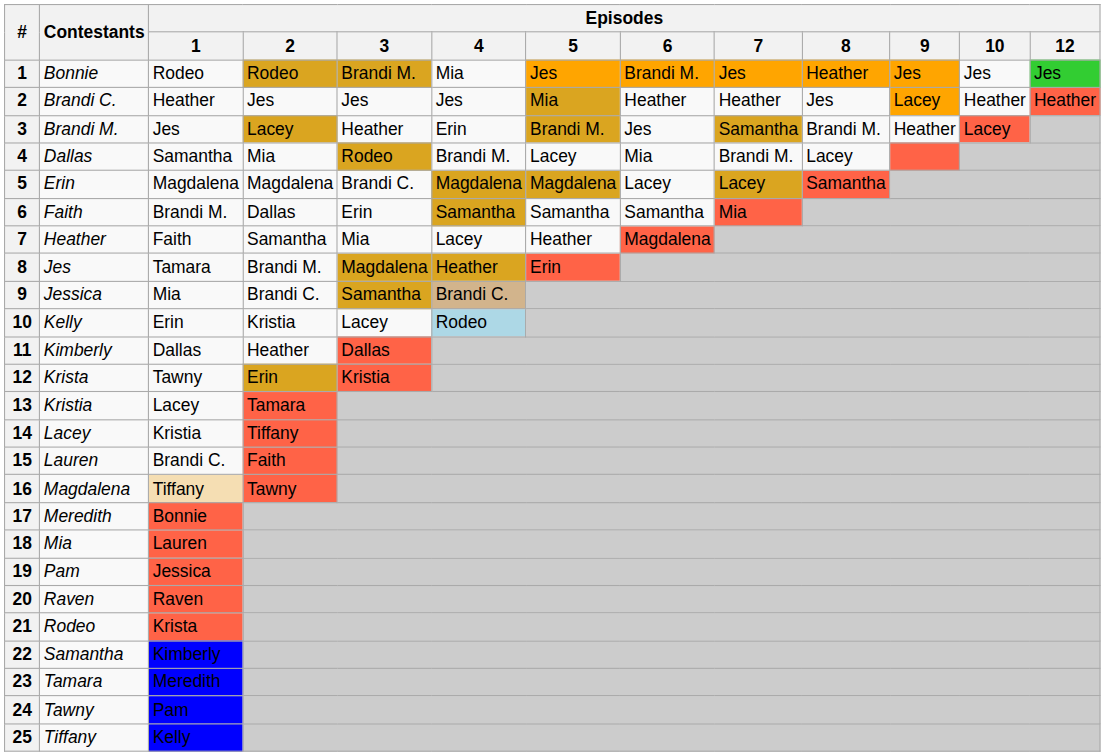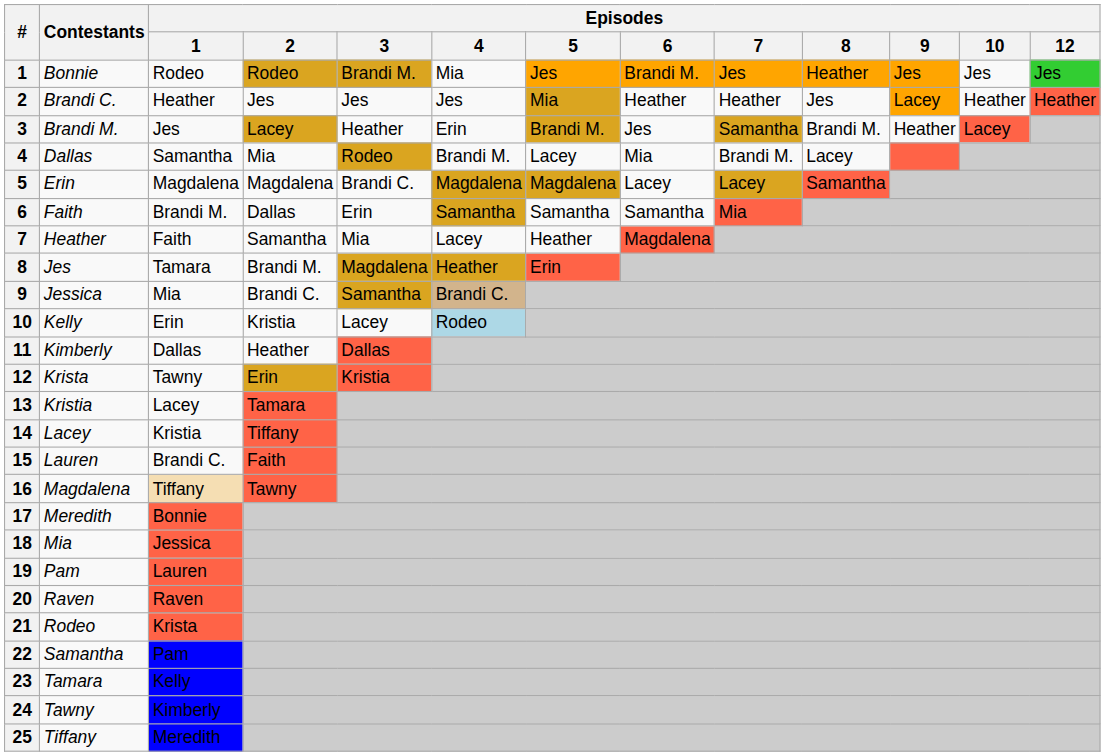 <table class="wikitable">
 <tr>
 <th width="25" rowspan=2>#</th>
 <th rowspan=2>Contestants</th>
 <th colspan=12>Episodes</th>
 </tr>
 <tr>
 <th>1</th>
 <th>2</th>
 <th>3</th>
 <th>4</th>
 <th>5</th>
 <th>6</th>
 <th>7</th>
 <th>8</th>
 <th>9</th>
 <th>10</th>
 <th>12</th>
 </tr>
 <tr>
 <th>1</th>
 <td><em>Bonnie</em></td>
 <td>Rodeo</td>
 <td bgcolor="goldenrod">Rodeo</td>
 <td bgcolor="goldenrod">Brandi M.</td>
 <td>Mia</td>
 <td bgcolor="orange">Jes</td>
 <td bgcolor="orange">Brandi M.</td>
 <td bgcolor="orange">Jes</td>
 <td bgcolor="orange">Heather</td>
 <td bgcolor="orange">Jes</td>
 <td>Jes</td>
 <td bgcolor="limegreen">Jes</td>
 </tr>
 <tr>
 <th>2</th>
 <td><em>Brandi C.</em></td>
 <td>Heather</td>
 <td>Jes</td>
 <td>Jes</td>
 <td>Jes</td>
 <td bgcolor="goldenrod">Mia</td>
 <td>Heather</td>
 <td>Heather</td>
 <td>Jes</td>
 <td bgcolor="orange">Lacey</td>
 <td>Heather</td>
 <td bgcolor="tomato">Heather</td>
 </tr>
 <tr>
 <th>3</th>
 <td><em>Brandi M.</em></td>
 <td>Jes</td>
 <td bgcolor="goldenrod">Lacey</td>
 <td>Heather</td>
 <td>Erin</td>
 <td bgcolor="goldenrod">Brandi M.</td>
 <td>Jes</td>
 <td bgcolor="goldenrod">Samantha</td>
 <td>Brandi M.</td>
 <td>Heather</td>
 <td bgcolor="tomato">Lacey</td>
 <td bgcolor="#CCCCCC"></td>
 </tr>
 <tr>
 <th>4</th>
 <td><em>Dallas</em></td>
 <td>Samantha</td>
 <td>Mia</td>
 <td bgcolor="goldenrod">Rodeo</td>
 <td>Brandi M.</td>
 <td>Lacey</td>
 <td>Mia</td>
 <td>Brandi M.</td>
 <td>Lacey</td>
 <td bgcolor="tomato"></td>
 <td bgcolor="#CCCCCC" colspan=2></td>
 </tr>
 <tr>
 <th>5</th>
 <td><em>Erin</em></td>
 <td>Magdalena</td>
 <td>Magdalena</td>
 <td>Brandi C.</td>
 <td bgcolor="goldenrod">Magdalena</td>
 <td bgcolor="goldenrod">Magdalena</td>
 <td>Lacey</td>
 <td bgcolor="goldenrod">Lacey</td>
 <td bgcolor="tomato">Samantha</td>
 <td bgcolor="#CCCCCC" colspan=3></td>
 </tr>
 <tr>
 <th>6</th>
 <td><em>Faith</em></td>
 <td>Brandi M.</td>
 <td>Dallas</td>
 <td>Erin</td>
 <td bgcolor="goldenrod">Samantha</td>
 <td>Samantha</td>
 <td>Samantha</td>
 <td bgcolor="tomato">Mia</td>
 <td bgcolor="#CCCCCC" colspan=4></td>
 </tr>
 <tr>
 <th>7</th>
 <td><em>Heather</em></td>
 <td>Faith</td>
 <td>Samantha</td>
 <td>Mia</td>
 <td>Lacey</td>
 <td>Heather</td>
 <td bgcolor="tomato">Magdalena</td>
 <td bgcolor="#CCCCCC" colspan=5></td>
 </tr>
 <tr>
 <th>8</th>
 <td><em>Jes</em></td>
 <td>Tamara</td>
 <td>Brandi M.</td>
 <td bgcolor="goldenrod">Magdalena</td>
 <td bgcolor="goldenrod">Heather</td>
 <td bgcolor="tomato">Erin</td>
 <td bgcolor="#CCCCCC" colspan=6></td>
 </tr>
 <tr>
 <th>9</th>
 <td><em>Jessica</em></td>
 <td>Mia</td>
 <td>Brandi C.</td>
 <td bgcolor="goldenrod">Samantha</td>
 <td bgcolor="tan">Brandi C.</td>
 <td bgcolor="#CCCCCC" colspan=7></td>
 </tr>
 <tr>
 <th>10</th>
 <td><em>Kelly</em></td>
 <td>Erin</td>
 <td>Kristia</td>
 <td>Lacey</td>
 <td bgcolor="lightblue">Rodeo</td>
 <td bgcolor="#CCCCCC" colspan=7></td>
 </tr>
 <tr>
 <th>11</th>
 <td><em>Kimberly</em></td>
 <td>Dallas</td>
 <td>Heather</td>
 <td bgcolor="tomato">Dallas</td>
 <td bgcolor="#CCCCCC" colspan=8></td>
 </tr>
 <tr>
 <th>12</th>
 <td><em>Krista</em></td>
 <td>Tawny</td>
 <td bgcolor="goldenrod">Erin</td>
 <td bgcolor="tomato">Kristia</td>
 <td bgcolor="#CCCCCC" colspan=8></td>
 </tr>
 <tr>
 <th>13</th>
 <td><em>Kristia</em></td>
 <td>Lacey</td>
 <td bgcolor="tomato">Tamara</td>
 <td bgcolor="#CCCCCC" colspan=9></td>
 </tr>
 <tr>
 <th>14</th>
 <td><em>Lacey</em></td>
 <td>Kristia</td>
 <td bgcolor="tomato">Tiffany</td>
 <td bgcolor="#CCCCCC" colspan=9></td>
 </tr>
 <tr>
 <th>15</th>
 <td><em>Lauren</em></td>
 <td>Brandi C.</td>
 <td bgcolor="tomato">Faith</td>
 <td bgcolor="#CCCCCC" colspan=9></td>
 </tr>
 <tr>
 <th>16</th>
 <td><em>Magdalena</em></td>
 <td bgcolor="wheat">Tiffany</td>
 <td bgcolor="tomato">Tawny</td>
 <td bgcolor="#CCCCCC" colspan=9></td>
 </tr>
 <tr>
 <th>17</th>
 <td><em>Meredith</em></td>
 <td bgcolor="tomato">Bonnie</td>
 <td bgcolor="#CCCCCC" colspan=10></td>
 </tr>
 <tr>
 <th>18</th>
 <td><em>Mia</em></td>
-<td bgcolor="tomato">Lauren</td>
+<td bgcolor="tomato">Jessica</td>
 <td bgcolor="#CCCCCC" colspan=10></td>
 </tr>
 <tr>
 <th>19</th>
 <td><em>Pam</em></td>
-<td bgcolor="tomato">Jessica</td>
+<td bgcolor="tomato">Lauren</td>
 <td bgcolor="#CCCCCC" colspan=10></td>
 </tr>
 <tr>
 <th>20</th>
 <td><em>Raven</em></td>
 <td bgcolor="tomato">Raven</td>
 <td bgcolor="#CCCCCC" colspan=10></td>
 </tr>
 <tr>
 <th>21</th>
 <td><em>Rodeo</em></td>
 <td bgcolor="tomato">Krista</td>
 <td bgcolor="#CCCCCC" colspan=10></td>
 </tr>
 <tr>
 <th>22</th>
 <td><em>Samantha</em></td>
-<td bgcolor="blue"><span>Kimberly</span></td>
+<td bgcolor="blue"><span>Pam</span></td>
 <td bgcolor="#CCCCCC" colspan=10></td>
 </tr>
 <tr>
 <th>23</th>
 <td><em>Tamara</em></td>
-<td bgcolor="blue"><span>Meredith</span></td>
+<td bgcolor="blue"><span>Kelly</span></td>
 <td bgcolor="#CCCCCC" colspan=10></td>
 </tr>
 <tr>
 <th>24</th>
 <td><em>Tawny</em></td>
-<td bgcolor="blue"><span>Pam</span></td>
+<td bgcolor="blue"><span>Kimberly</span></td>
 <td bgcolor="#CCCCCC" colspan=10></td>
 </tr>
 <tr>
 <th>25</th>
 <td><em>Tiffany</em></td>
-<td bgcolor="blue"><span>Kelly</span></td>
+<td bgcolor="blue"><span>Meredith</span></td>
 <td bgcolor="#CCCCCC" colspan=10></td>
 </tr>
 </table>
